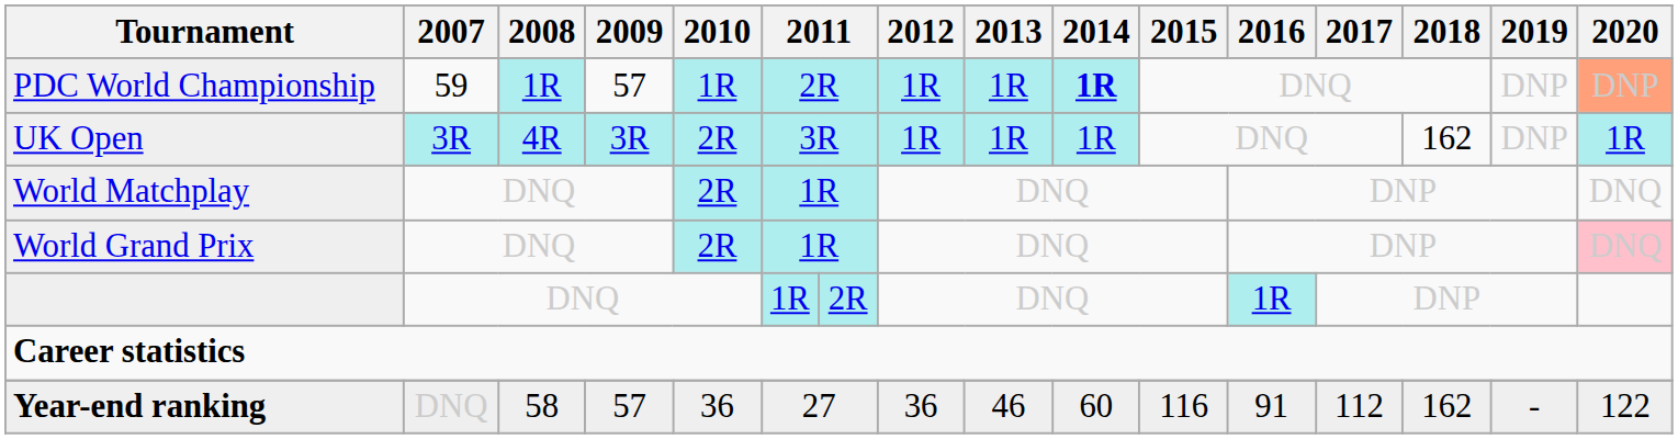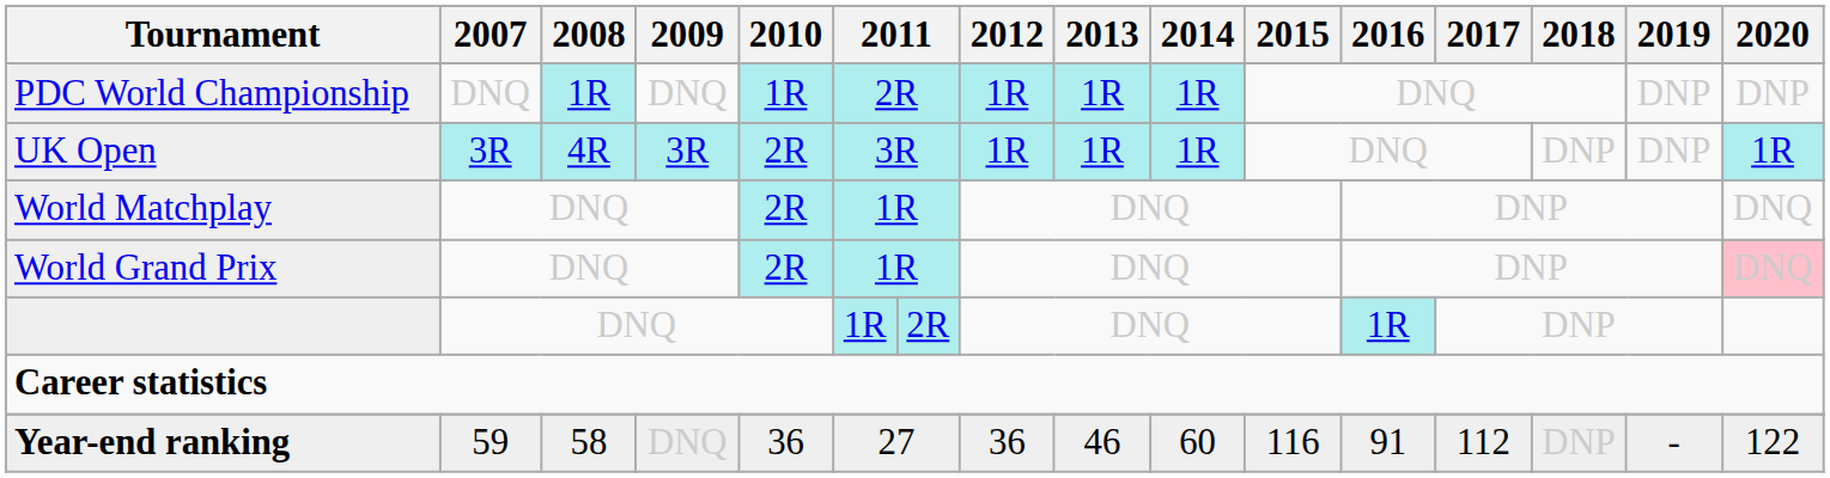 <table class="wikitable" style="width:50%; margin:0">
 <tr>
 <th>Tournament</th>
 <th>2007</th>
 <th>2008</th>
 <th>2009</th>
 <th>2010</th>
 <th colspan="2">2011</th>
 <th>2012</th>
 <th>2013</th>
 <th>2014</th>
 <th>2015</th>
 <th>2016</th>
 <th>2017</th>
 <th>2018</th>
 <th>2019</th>
 <th>2020</th>
 </tr>
 <tr>
 <td style="background:#efefef;"><a href='#'>PDC World Championship</a></td>
-<td style="text-align:center;">59</td>
+<td style="text-align:center; color:#ccc;">DNQ</td>
 <td style="text-align:center; background:#afeeee;"><a href='#'>1R</a></td>
-<td style="text-align:center;">57</td>
+<td colspan="1" style="text-align:center; color:#ccc;">DNQ</td>
 <td style="text-align:center; background:#afeeee;"><a href='#'>1R</a></td>
 <td style="text-align:center; background:#afeeee;" colspan="2"><a href='#'>2R</a></td>
 <td style="text-align:center; background:#afeeee;"><a href='#'>1R</a></td>
 <td style="text-align:center; background:#afeeee;"><a href='#'>1R</a></td>
-<td style="text-align:center; background:#afeeee;"><strong><a href='#'>1R</a></strong></td>
+<td style="text-align:center; background:#afeeee;"><a href='#'>1R</a></td>
 <td colspan="4" style="text-align:center; color:#ccc;">DNQ</td>
 <td style="text-align:center; color:#ccc;">DNP</td>
-<td style="background: lightsalmon; text-align:center; color:#ccc;">DNP</td>
+<td style="text-align:center; color:#ccc;">DNP</td>
 </tr>
 <tr>
 <td style="background:#efefef;"><a href='#'>UK Open</a></td>
 <td style="text-align:center; background:#afeeee;"><a href='#'>3R</a></td>
 <td style="text-align:center; background:#afeeee;"><a href='#'>4R</a></td>
 <td style="text-align:center; background:#afeeee;"><a href='#'>3R</a></td>
 <td style="text-align:center; background:#afeeee;"><a href='#'>2R</a></td>
 <td style="text-align:center; background:#afeeee;" colspan="2"><a href='#'>3R</a></td>
 <td style="text-align:center; background:#afeeee;"><a href='#'>1R</a></td>
 <td style="text-align:center; background:#afeeee;"><a href='#'>1R</a></td>
 <td style="text-align:center; background:#afeeee;"><a href='#'>1R</a></td>
 <td colspan="3" style="text-align:center; color:#ccc;">DNQ</td>
-<td style="text-align:center;">162</td>
+<td style="text-align:center; color:#ccc;">DNP</td>
 <td style="text-align:center; color:#ccc;">DNP</td>
 <td style="text-align:center; background:#afeeee;"><a href='#'>1R</a></td>
 </tr>
 <tr>
 <td style="background:#efefef;"><a href='#'>World Matchplay</a></td>
 <td colspan="3"  style="text-align:center; color:#ccc;">DNQ</td>
 <td style="text-align:center; background:#afeeee;"><a href='#'>2R</a></td>
 <td style="text-align:center; background:#afeeee;" colspan="2"><a href='#'>1R</a></td>
 <td colspan="4" style="text-align:center; color:#ccc;">DNQ</td>
 <td colspan="4" style="text-align:center; color:#ccc;">DNP</td>
 <td style="text-align:center; color:#ccc;">DNQ</td>
 </tr>
 <tr>
 <td style="background:#efefef;"><a href='#'>World Grand Prix</a></td>
 <td colspan="3"  style="text-align:center; color:#ccc;">DNQ</td>
 <td style="text-align:center; background:#afeeee;"><a href='#'>2R</a></td>
 <td style="text-align:center; background:#afeeee;" colspan="2"><a href='#'>1R</a></td>
 <td colspan="4" style="text-align:center; color:#ccc;">DNQ</td>
 <td colspan="4" style="text-align:center; color:#ccc;">DNP</td>
 <td style="background: pink; text-align:center; color:#ccc;">DNQ</td>
 </tr>
 <tr>
 <td style="background:#efefef;"></td>
 <td colspan="4" style="text-align:center; color:#ccc;">DNQ</td>
 <td style="text-align:center; background:#afeeee;"><a href='#'>1R</a></td>
 <td style="text-align:center; background:#afeeee;"><a href='#'>2R</a></td>
 <td colspan="4" style="text-align:center; color:#ccc;">DNQ</td>
 <td style="text-align:center; background:#afeeee;"><a href='#'>1R</a></td>
 <td colspan="3" style="text-align:center; color:#ccc;">DNP</td>
 <td></td>
 </tr>
 <tr>
 <td colspan="21" align="left"><strong>Career statistics</strong></td>
 </tr>
 <tr>
 </tr>
 <tr bgcolor="efefef">
 <td align="left"><strong>Year-end ranking</strong></td>
-<td style="text-align:center; color:#ccc;">DNQ</td>
+<td style="text-align:center;">59</td>
 <td style="text-align:center;">58</td>
-<td style="text-align:center;">57</td>
+<td colspan="1" style="text-align:center; color:#ccc;">DNQ</td>
 <td style="text-align:center;">36</td>
 <td colspan="2" style="text-align:center;">27</td>
 <td style="text-align:center;">36</td>
 <td style="text-align:center;">46</td>
 <td style="text-align:center;">60</td>
 <td style="text-align:center;">116</td>
 <td style="text-align:center;">91</td>
 <td style="text-align:center;">112</td>
-<td style="text-align:center;">162</td>
+<td style="text-align:center; color:#ccc;">DNP</td>
 <td style="text-align:center;">-</td>
 <td style="text-align:center;">122</td>
 </tr>
 </table>
